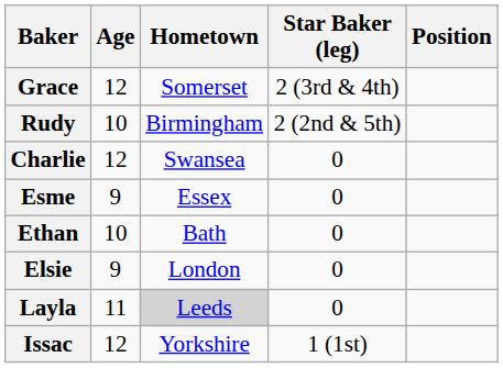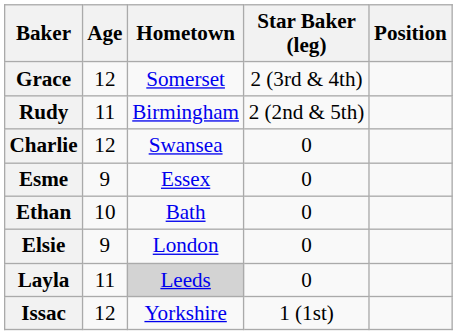 <table class="wikitable sortable" style="display:inline-table; text-align:center">
 <tr>
 <th scope="col">Baker</th>
 <th scope="col">Age</th>
 <th scope="col">Hometown</th>
 <th scope="col">Star Baker<br>(leg)</th>
 <th scope="col">Position</th>
 </tr>
 <tr>
 <th scope="row">Grace</th>
 <td>12</td>
 <td><a href='#'>Somerset</a></td>
 <td>2 (3rd & 4th)</td>
 <td></td>
 </tr>
 <tr>
 <th scope="row">Rudy</th>
-<td>10</td>
+<td>11</td>
 <td><a href='#'>Birmingham</a></td>
 <td>2 (2nd & 5th)</td>
 <td></td>
 </tr>
 <tr>
 <th scope="row">Charlie</th>
 <td>12</td>
 <td><a href='#'>Swansea</a></td>
 <td>0</td>
 <td></td>
 </tr>
 <tr>
 <th scope="row">Esme</th>
 <td>9</td>
 <td><a href='#'>Essex</a></td>
 <td>0</td>
 <td></td>
 </tr>
 <tr>
 <th scope="row">Ethan</th>
 <td>10</td>
 <td><a href='#'>Bath</a></td>
 <td>0</td>
 <td></td>
 </tr>
 <tr>
 <th scope="row">Elsie</th>
 <td>9</td>
 <td><a href='#'>London</a></td>
 <td>0</td>
 <td></td>
 </tr>
 <tr>
 <th scope="row">Layla</th>
 <td>11</td>
 <td style="background: lightgrey;"><a href='#'>Leeds</a></td>
 <td>0</td>
 <td></td>
 </tr>
 <tr>
 <th scope="row">Issac</th>
 <td>12</td>
 <td><a href='#'>Yorkshire</a></td>
 <td>1 (1st)</td>
 <td></td>
 </tr>
 </table>
